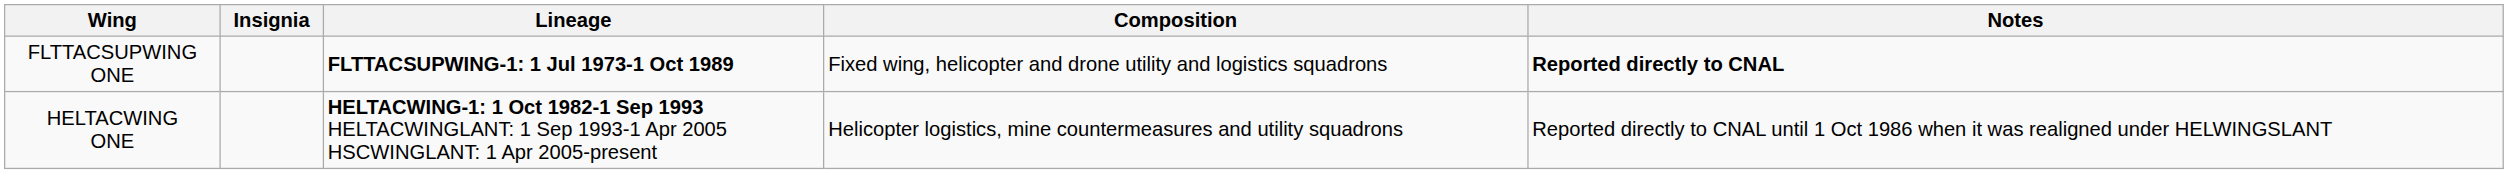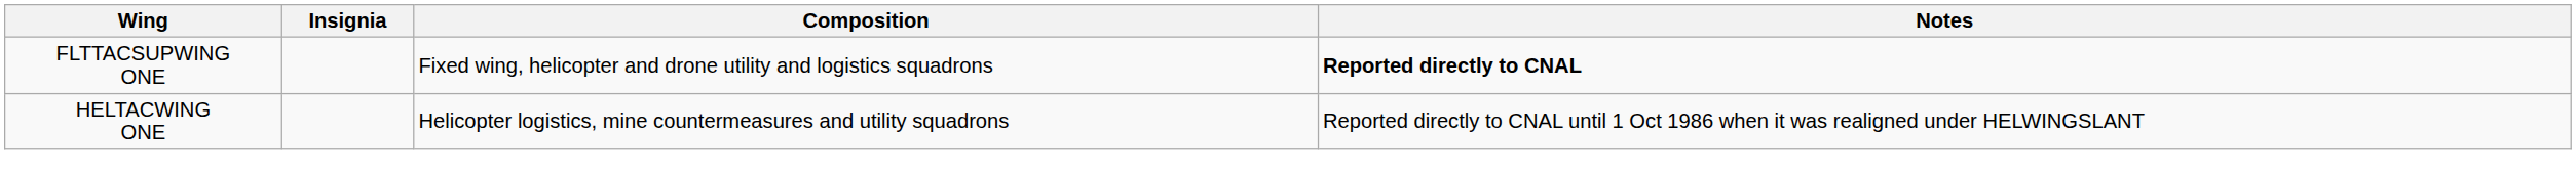 <table class="wikitable" width=100% style="text-align: left">
 <tr>
 <th>Wing</th>
 <th>Insignia</th>
-<th>Lineage</th>
 <th>Composition</th>
 <th>Notes</th>
 </tr>
 <tr>
 <td align=center>FLTTACSUPWING<br>ONE</td>
 <td></td>
-<td style="white-space: nowrap;"><strong>FLTTACSUPWING-1: 1 Jul 1973-1 Oct 1989</strong></td>
 <td>Fixed wing, helicopter and drone utility and logistics squadrons</td>
 <td><strong>Reported directly to CNAL<br></strong></td>
 </tr>
 <tr>
 <td align=center>HELTACWING<br>ONE</td>
 <td></td>
-<td><strong>HELTACWING-1: 1 Oct 1982-1 Sep 1993</strong><br>HELTACWINGLANT: 1 Sep 1993-1 Apr 2005<br>HSCWINGLANT: 1 Apr 2005-present</td>
 <td>Helicopter logistics, mine countermeasures and utility squadrons</td>
 <td>Reported directly to CNAL until 1 Oct 1986 when it was realigned under HELWINGSLANT</td>
 </tr>
 </table>
